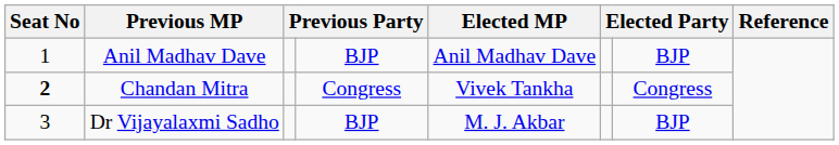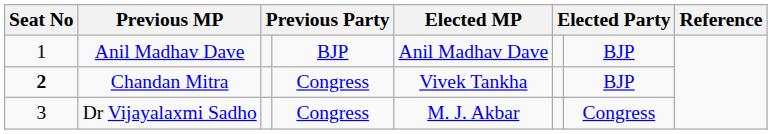 <table class="wikitable">
 <tr>
 <th>Seat No</th>
 <th>Previous MP</th>
 <th colspan=2>Previous Party</th>
 <th>Elected MP</th>
 <th colspan=2>Elected Party</th>
 <th>Reference</th>
 </tr>
 <tr style="text-align:center;">
 <td>1</td>
 <td><a href='#'>Anil Madhav Dave</a></td>
 <td width="1px"></td>
 <td><a href='#'>BJP</a></td>
 <td><a href='#'>Anil Madhav Dave</a></td>
 <td width="1px"></td>
 <td><a href='#'>BJP</a></td>
 <td rowspan=3></td>
 </tr>
 <tr style="text-align:center;">
 <td><strong>2</strong></td>
 <td><a href='#'>Chandan Mitra</a></td>
 <td width="1px"></td>
 <td><a href='#'>Congress</a></td>
 <td><a href='#'>Vivek Tankha</a></td>
 <td width="1px"></td>
-<td><a href='#'>Congress</a></td>
+<td><a href='#'>BJP</a></td>
 </tr>
 <tr style="text-align:center;">
 <td>3</td>
 <td>Dr <a href='#'>Vijayalaxmi Sadho</a></td>
 <td width="1px"></td>
-<td><a href='#'>BJP</a></td>
+<td><a href='#'>Congress</a></td>
 <td><a href='#'>M. J. Akbar</a></td>
 <td width="1px"></td>
-<td><a href='#'>BJP</a></td>
+<td><a href='#'>Congress</a></td>
 </tr>
 </table>
